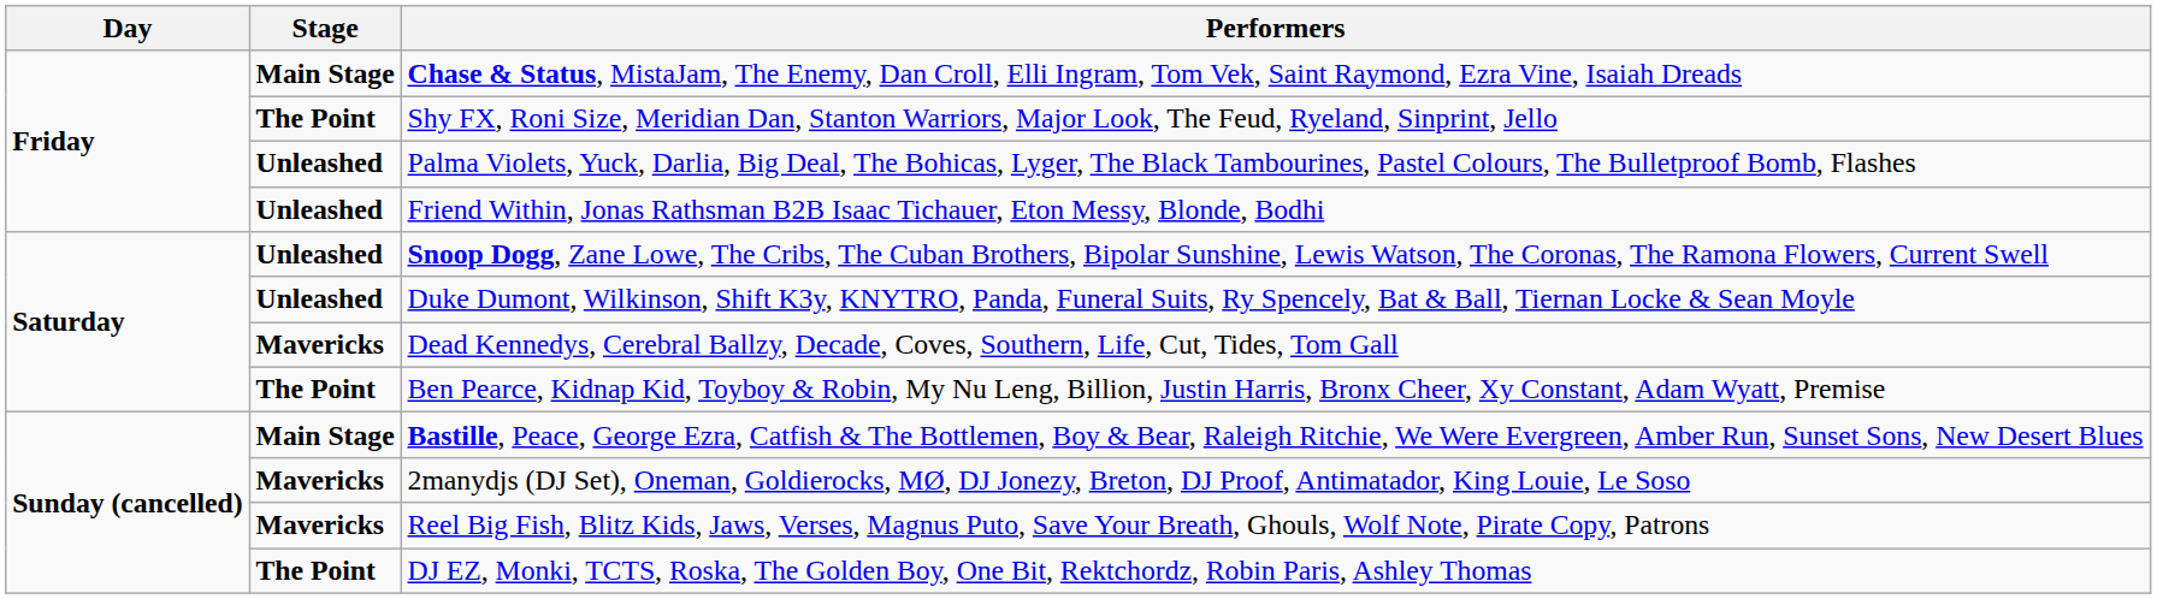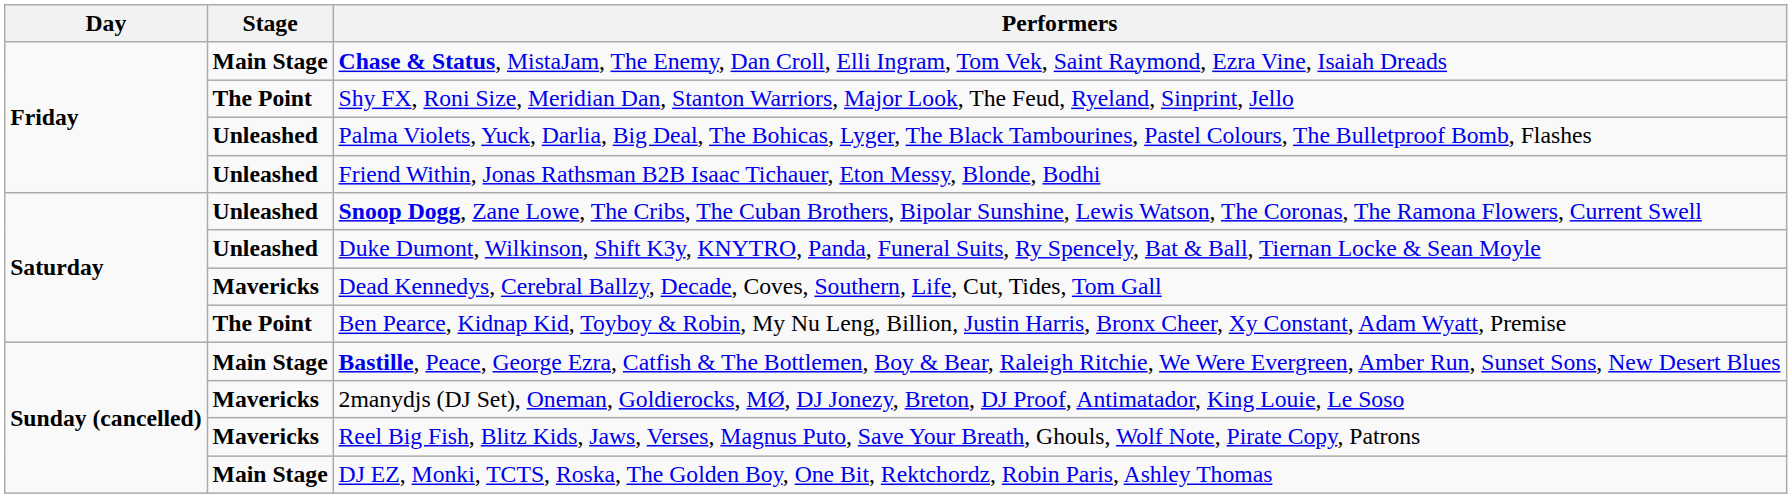 <table class="wikitable">
 <tr>
 <th><strong>Day</strong></th>
 <th><strong>Stage</strong></th>
 <th><strong>Performers</strong></th>
 </tr>
 <tr>
 <td rowspan="4"><strong>Friday</strong></td>
 <td><strong>Main Stage</strong></td>
 <td><strong><a href='#'>Chase & Status</a></strong>, <a href='#'>MistaJam</a>, <a href='#'>The Enemy</a>, <a href='#'>Dan Croll</a>, <a href='#'>Elli Ingram</a>, <a href='#'>Tom Vek</a>, <a href='#'>Saint Raymond</a>, <a href='#'>Ezra Vine</a>, <a href='#'>Isaiah Dreads</a></td>
 </tr>
 <tr>
 <td><strong>The Point</strong></td>
 <td><a href='#'>Shy FX</a>, <a href='#'>Roni Size</a>, <a href='#'>Meridian Dan</a>, <a href='#'>Stanton Warriors</a>, <a href='#'>Major Look</a>, The Feud, <a href='#'>Ryeland</a>, <a href='#'>Sinprint</a>, <a href='#'>Jello</a></td>
 </tr>
 <tr>
 <td><strong>Unleashed</strong></td>
 <td><a href='#'>Palma Violets</a>, <a href='#'>Yuck</a>, <a href='#'>Darlia</a>, <a href='#'>Big Deal</a>, <a href='#'>The Bohicas</a>, <a href='#'>Lyger</a>, <a href='#'>The Black Tambourines</a>, <a href='#'>Pastel Colours</a>, <a href='#'>The Bulletproof Bomb</a>, Flashes</td>
 </tr>
 <tr>
 <td><strong>Unleashed</strong></td>
 <td><a href='#'>Friend Within</a>, <a href='#'>Jonas Rathsman B2B Isaac Tichauer</a>, <a href='#'>Eton Messy</a>, <a href='#'>Blonde</a>, <a href='#'>Bodhi</a></td>
 </tr>
 <tr>
 <td rowspan="4"><strong>Saturday</strong></td>
 <td><strong>Unleashed</strong></td>
 <td><strong><a href='#'>Snoop Dogg</a></strong>, <a href='#'>Zane Lowe</a>, <a href='#'>The Cribs</a>, <a href='#'>The Cuban Brothers</a>, <a href='#'>Bipolar Sunshine</a>, <a href='#'>Lewis Watson</a>, <a href='#'>The Coronas</a>, <a href='#'>The Ramona Flowers</a>, <a href='#'>Current Swell</a></td>
 </tr>
 <tr>
 <td><strong>Unleashed</strong></td>
 <td><a href='#'>Duke Dumont</a>, <a href='#'>Wilkinson</a>, <a href='#'>Shift K3y</a>, <a href='#'>KNYTRO</a>, <a href='#'>Panda</a>, <a href='#'>Funeral Suits</a>, <a href='#'>Ry Spencely</a>, <a href='#'>Bat & Ball</a>, <a href='#'>Tiernan Locke & Sean Moyle</a></td>
 </tr>
 <tr>
 <td><strong>Mavericks</strong></td>
 <td><a href='#'>Dead Kennedys</a>, <a href='#'>Cerebral Ballzy</a>, <a href='#'>Decade</a>, Coves, <a href='#'>Southern</a>, <a href='#'>Life</a>, Cut, Tides, <a href='#'>Tom Gall</a></td>
 </tr>
 <tr>
 <td><strong>The Point</strong></td>
 <td><a href='#'>Ben Pearce</a>, <a href='#'>Kidnap Kid</a>, <a href='#'>Toyboy & Robin</a>, My Nu Leng, Billion, <a href='#'>Justin Harris</a>, <a href='#'>Bronx Cheer</a>, <a href='#'>Xy Constant</a>, <a href='#'>Adam Wyatt</a>, Premise</td>
 </tr>
 <tr>
 <td rowspan="4"><strong>Sunday (cancelled)</strong></td>
 <td><strong>Main Stage</strong></td>
 <td><strong><a href='#'>Bastille</a></strong>, <a href='#'>Peace</a>, <a href='#'>George Ezra</a>, <a href='#'>Catfish & The Bottlemen</a>, <a href='#'>Boy & Bear</a>, <a href='#'>Raleigh Ritchie</a>, <a href='#'>We Were Evergreen</a>, <a href='#'>Amber Run</a>, <a href='#'>Sunset Sons</a>, <a href='#'>New Desert Blues</a></td>
 </tr>
 <tr>
 <td><strong>Mavericks</strong></td>
 <td>2manydjs (DJ Set), <a href='#'>Oneman</a>, <a href='#'>Goldierocks</a>, <a href='#'>MØ</a>, <a href='#'>DJ Jonezy</a>, <a href='#'>Breton</a>, <a href='#'>DJ Proof</a>, <a href='#'>Antimatador</a>, <a href='#'>King Louie</a>, <a href='#'>Le Soso</a></td>
 </tr>
 <tr>
 <td><strong>Mavericks</strong></td>
 <td><a href='#'>Reel Big Fish</a>, <a href='#'>Blitz Kids</a>, <a href='#'>Jaws</a>, <a href='#'>Verses</a>, <a href='#'>Magnus Puto</a>, <a href='#'>Save Your Breath</a>, Ghouls, <a href='#'>Wolf Note</a>, <a href='#'>Pirate Copy</a>, Patrons</td>
 </tr>
 <tr>
-<td><strong>The Point</strong></td>
+<td><strong>Main Stage</strong></td>
 <td><a href='#'>DJ EZ</a>, <a href='#'>Monki</a>, <a href='#'>TCTS</a>, <a href='#'>Roska</a>, <a href='#'>The Golden Boy</a>, <a href='#'>One Bit</a>, <a href='#'>Rektchordz</a>, <a href='#'>Robin Paris</a>, <a href='#'>Ashley Thomas</a></td>
 </tr>
 </table>
